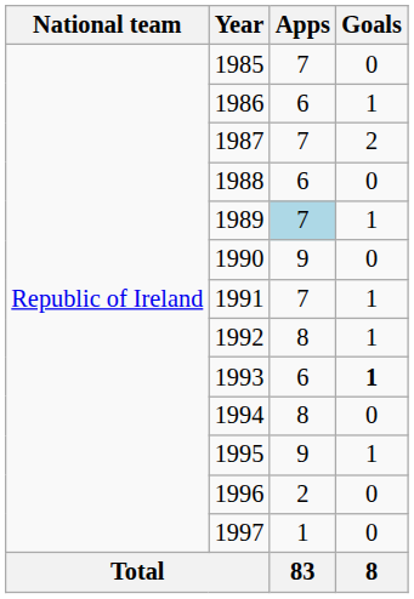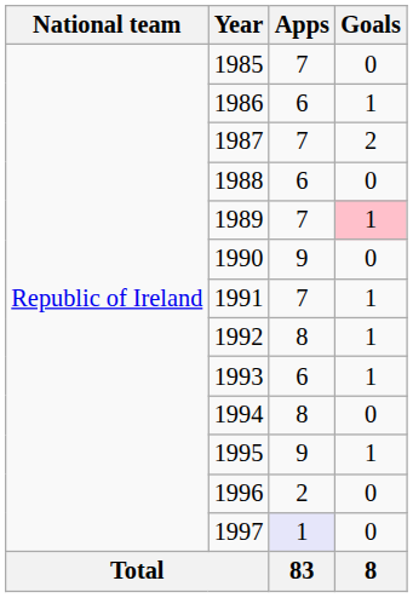 <table class="wikitable" style="text-align:center">
 <tr>
 <th>National team</th>
 <th>Year</th>
 <th>Apps</th>
 <th>Goals</th>
 </tr>
 <tr>
 <td rowspan="13"><a href='#'>Republic of Ireland</a></td>
 <td>1985</td>
 <td>7</td>
 <td>0</td>
 </tr>
 <tr>
 <td>1986</td>
 <td>6</td>
 <td>1</td>
 </tr>
 <tr>
 <td>1987</td>
 <td>7</td>
 <td>2</td>
 </tr>
 <tr>
 <td>1988</td>
 <td>6</td>
 <td>0</td>
 </tr>
 <tr>
 <td>1989</td>
-<td style="background: lightblue;">7</td>
-<td>1</td>
+<td>7</td>
+<td style="background: pink;">1</td>
 </tr>
 <tr>
 <td>1990</td>
 <td>9</td>
 <td>0</td>
 </tr>
 <tr>
 <td>1991</td>
 <td>7</td>
 <td>1</td>
 </tr>
 <tr>
 <td>1992</td>
 <td>8</td>
 <td>1</td>
 </tr>
 <tr>
 <td>1993</td>
 <td>6</td>
-<td><strong>1</strong></td>
+<td>1</td>
 </tr>
 <tr>
 <td>1994</td>
 <td>8</td>
 <td>0</td>
 </tr>
 <tr>
 <td>1995</td>
 <td>9</td>
 <td>1</td>
 </tr>
 <tr>
 <td>1996</td>
 <td>2</td>
 <td>0</td>
 </tr>
 <tr>
 <td>1997</td>
-<td>1</td>
+<td style="background: lavender;">1</td>
 <td>0</td>
 </tr>
 <tr>
 <th colspan="2">Total</th>
 <th>83</th>
 <th>8</th>
 </tr>
 </table>
